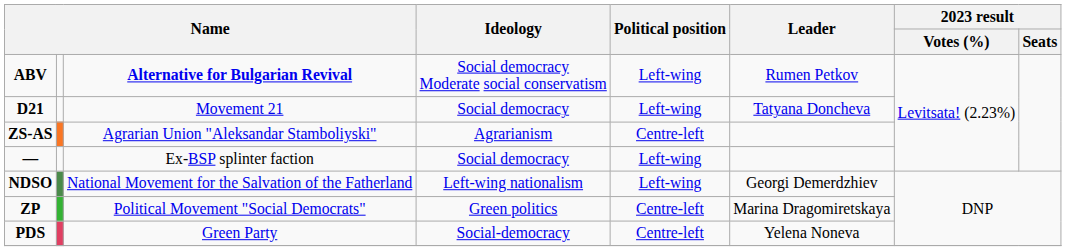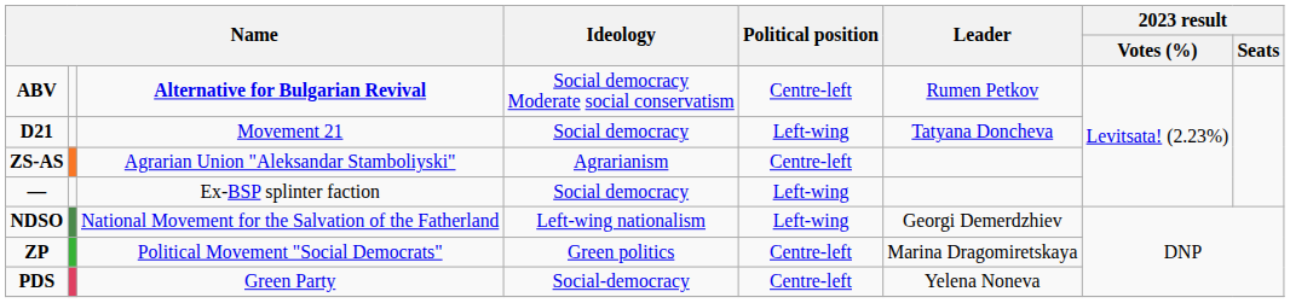 <table class="wikitable" style="text-align:center">
 <tr>
 <th colspan="3" rowspan="2">Name</th>
 <th rowspan="2">Ideology</th>
 <th rowspan="2">Political position</th>
 <th rowspan="2">Leader</th>
 <th colspan="2">2023 result</th>
 </tr>
 <tr>
 <th>Votes (%)</th>
 <th>Seats</th>
 </tr>
 <tr>
 <td><strong>ABV</strong></td>
 <td style="background:"></td>
 <td><strong><a href='#'>Alternative for Bulgarian Revival</a></strong></td>
 <td><a href='#'>Social democracy</a><br><a href='#'>Moderate</a> <a href='#'>social conservatism</a></td>
-<td><a href='#'>Left-wing</a></td>
+<td><a href='#'>Centre-left</a></td>
 <td><a href='#'>Rumen Petkov</a></td>
 <td colspan="1" rowspan="4" style="text-align:center"><a href='#'>Levitsata!</a> (2.23%)</td>
 <td colspan="1" rowspan="4" style="text-align:center"></td>
 </tr>
 <tr>
 <td><strong>D21</strong></td>
 <td style="background:"></td>
 <td><a href='#'>Movement 21</a></td>
 <td><a href='#'>Social democracy</a></td>
 <td><a href='#'>Left-wing</a></td>
 <td><a href='#'>Tatyana Doncheva</a></td>
 </tr>
 <tr>
 <td><strong>ZS-AS</strong></td>
 <td style="background:#FA7624"></td>
 <td><a href='#'>Agrarian Union "Aleksandar Stamboliyski"</a></td>
 <td><a href='#'>Agrarianism</a></td>
 <td><a href='#'>Centre-left</a></td>
 <td></td>
 </tr>
 <tr>
 <td><strong>—</strong></td>
 <td style="background:"></td>
 <td>Ex-<a href='#'>BSP</a> splinter faction</td>
 <td><a href='#'>Social democracy</a></td>
 <td><a href='#'>Left-wing</a></td>
 <td><br> </td>
 </tr>
 <tr>
 <td><strong>NDSO</strong></td>
 <td style="background:#4a8a4a"></td>
 <td><a href='#'>National Movement for the Salvation of the Fatherland</a></td>
 <td><a href='#'>Left-wing nationalism</a></td>
 <td><a href='#'>Left-wing</a></td>
 <td>Georgi Demerdzhiev</td>
 <td colspan="2" rowspan="3" style="text-align:center">DNP</td>
 </tr>
 <tr>
 <td><strong>ZP</strong></td>
 <td style="background:#34b334"></td>
 <td><a href='#'>Political Movement "Social Democrats"</a></td>
 <td><a href='#'>Green politics</a></td>
 <td><a href='#'>Centre-left</a></td>
 <td>Marina Dragomiretskaya</td>
 </tr>
 <tr>
 <td><strong>PDS</strong></td>
 <td style="background:#e03f62"></td>
 <td><a href='#'>Green Party</a></td>
 <td><a href='#'>Social-democracy</a></td>
 <td><a href='#'>Centre-left</a></td>
 <td>Yelena Noneva</td>
 </tr>
 <tr>
 </tr>
 </table>
